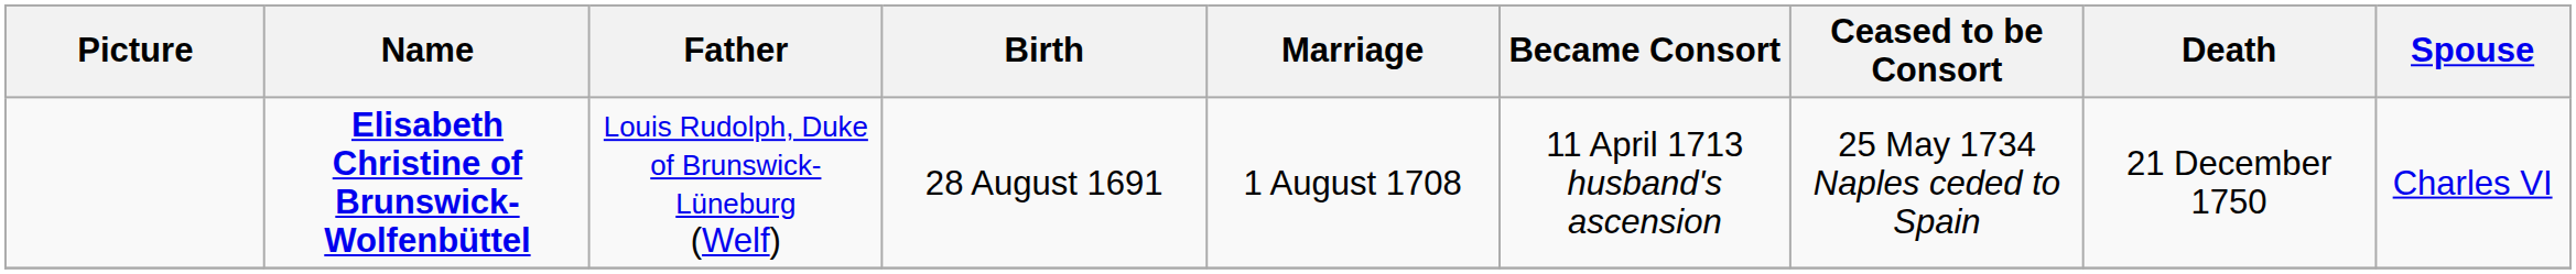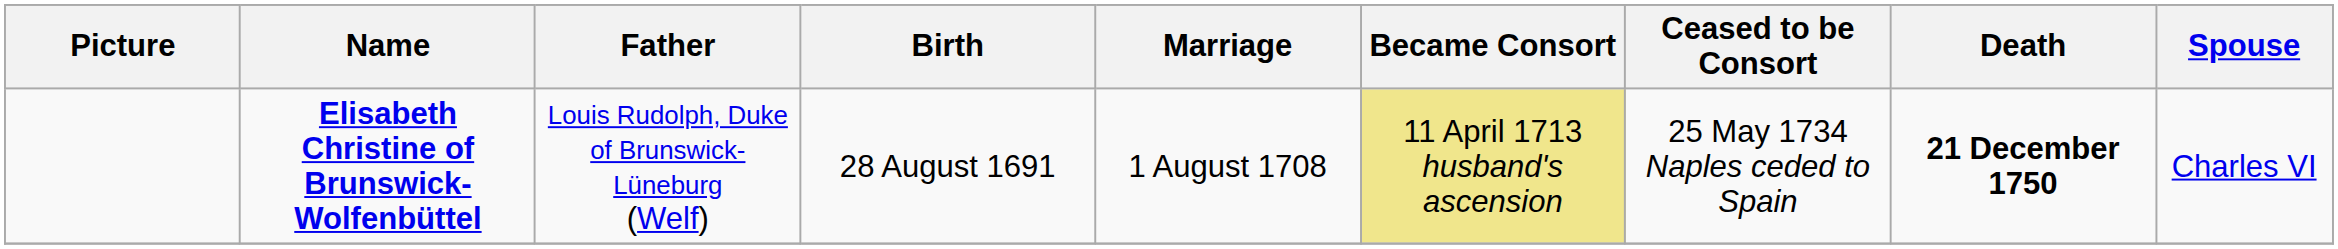 <table width=95% class="wikitable">
 <tr>
 <th width = "8%">Picture</th>
 <th width = "10%">Name</th>
 <th width = "9%">Father</th>
 <th width = "10%">Birth</th>
 <th width = "9%">Marriage</th>
 <th width = "9%">Became Consort</th>
 <th width = "9%">Ceased to be Consort</th>
 <th width = "9%">Death</th>
 <th width = "6%"><a href='#'>Spouse</a></th>
 </tr>
 <tr>
 <td align="center"></td>
 <td align="center"><strong><a href='#'>Elisabeth Christine of Brunswick-Wolfenbüttel</a></strong></td>
 <td align="center"><small><a href='#'>Louis Rudolph, Duke of Brunswick-Lüneburg</a></small><br> (<a href='#'>Welf</a>)</td>
 <td align="center">28 August 1691</td>
 <td align="center">1 August 1708</td>
-<td align="center">11 April 1713<br><em>husband's ascension</em></td>
+<td align="center" style="background: khaki;">11 April 1713<br><em>husband's ascension</em></td>
 <td align="center">25 May 1734<br><em>Naples ceded to Spain</em></td>
-<td align="center">21 December 1750</td>
+<td align="center"><strong>21 December 1750</strong></td>
 <td align="center"><a href='#'>Charles VI</a></td>
 </tr>
 <tr>
 </tr>
 </table>
